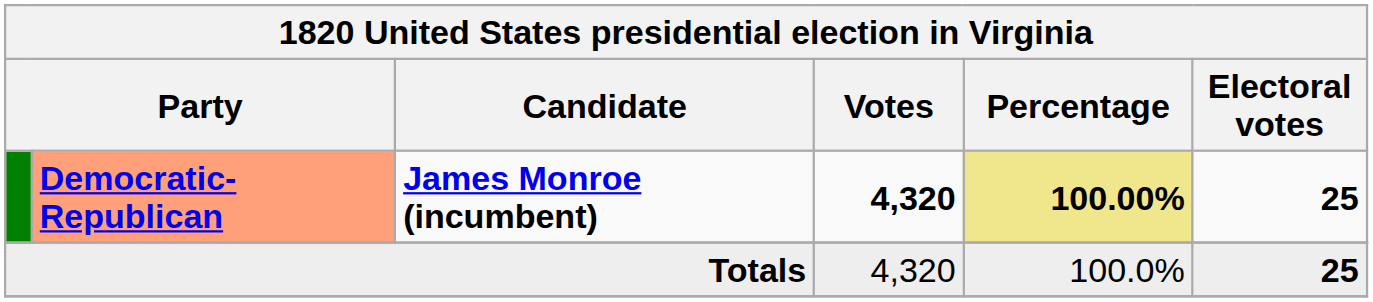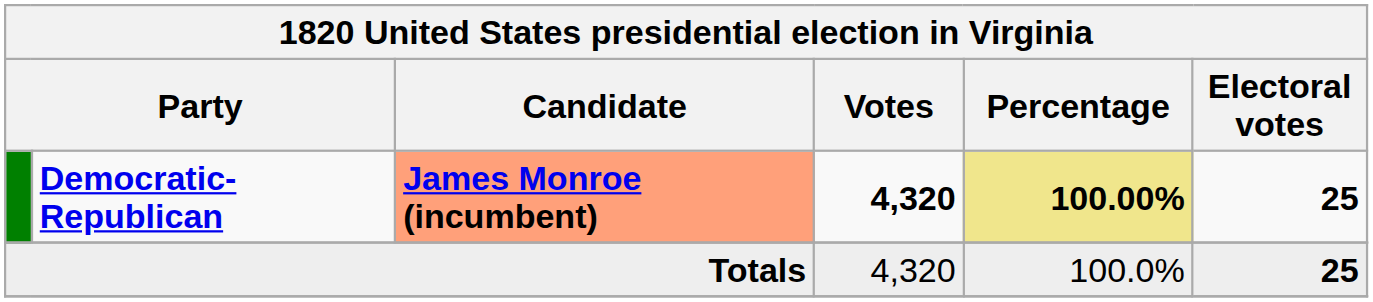 <table class="wikitable" style="font-size: 95%;">
 <tr>
 <th colspan="6">1820 United States presidential election in Virginia</th>
 </tr>
 <tr>
 <th colspan="2" style="width: 15em">Party</th>
 <th style="width: 17em">Candidate</th>
 <th style="width: 5em">Votes</th>
 <th style="width: 7em">Percentage</th>
 <th style="width: 5em">Electoral votes</th>
 </tr>
 <tr>
 <th style="background-color:#008000; width: 3px"></th>
-<td style="background: lightsalmon; width: 130px"><strong><a href='#'>Democratic-Republican</a></strong></td>
-<td><strong><a href='#'>James Monroe</a> (incumbent)</strong></td>
+<td style="width: 130px"><strong><a href='#'>Democratic-Republican</a></strong></td>
+<td style="background: lightsalmon;"><strong><a href='#'>James Monroe</a> (incumbent)</strong></td>
 <td align="right"><strong>4,320</strong></td>
 <td align="right" style="background: khaki;"><strong>100.00%</strong></td>
 <td align="right"><strong>25</strong></td>
 </tr>
 <tr>
 </tr>
 <tr bgcolor="#EEEEEE">
 <td colspan="3" align="right"><strong>Totals</strong></td>
 <td align="right">4,320</td>
 <td align="right">100.0%</td>
 <td align="right"><strong>25</strong></td>
 </tr>
 <tr>
 </tr>
 </table>
